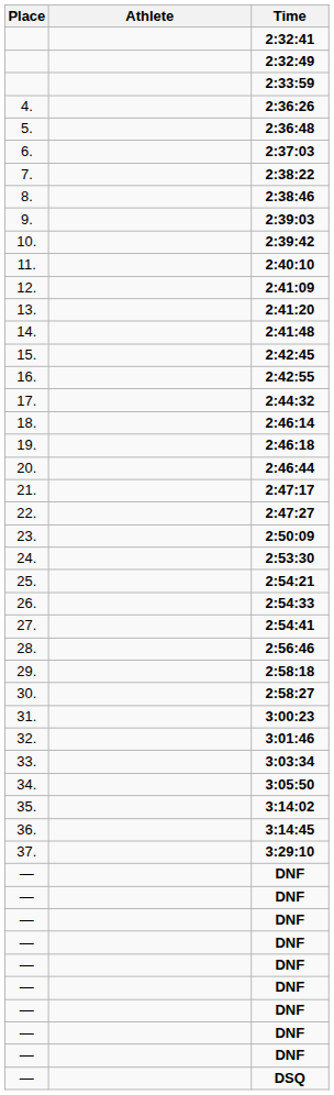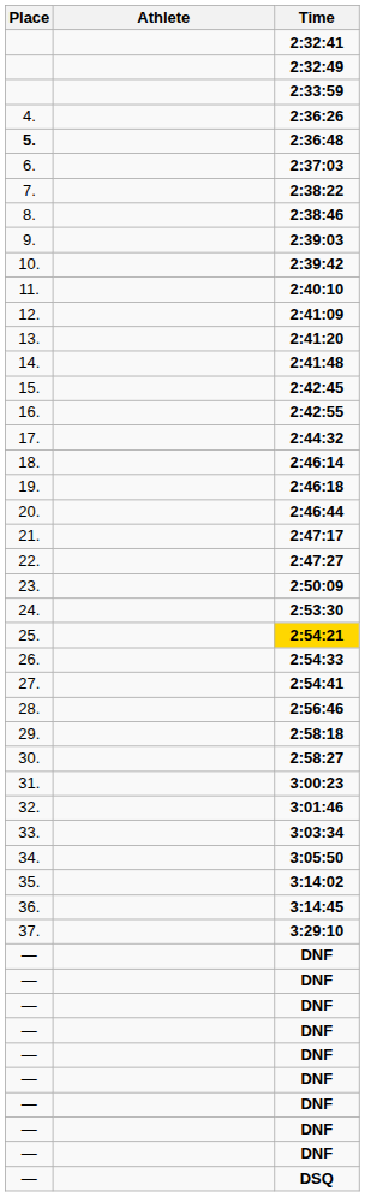 <table class=wikitable style="text-align:left">
 <tr>
 <th width=20>Place</th>
 <th width=220>Athlete</th>
 <th width=80>Time</th>
 </tr>
 <tr>
 <td align="center"></td>
 <td></td>
 <td align="center"><strong>2:32:41</strong></td>
 </tr>
 <tr>
 <td align="center"></td>
 <td></td>
 <td align="center"><strong>2:32:49</strong></td>
 </tr>
 <tr>
 <td align="center"></td>
 <td></td>
 <td align="center"><strong>2:33:59</strong></td>
 </tr>
 <tr>
 <td align="center">4.</td>
 <td></td>
 <td align="center"><strong>2:36:26</strong></td>
 </tr>
 <tr>
-<td align="center">5.</td>
+<td align="center"><strong>5.</strong></td>
 <td></td>
 <td align="center"><strong>2:36:48</strong></td>
 </tr>
 <tr>
 <td align="center">6.</td>
 <td></td>
 <td align="center"><strong>2:37:03</strong></td>
 </tr>
 <tr>
 <td align="center">7.</td>
 <td></td>
 <td align="center"><strong>2:38:22</strong></td>
 </tr>
 <tr>
 <td align="center">8.</td>
 <td></td>
 <td align="center"><strong>2:38:46</strong></td>
 </tr>
 <tr>
 <td align="center">9.</td>
 <td></td>
 <td align="center"><strong>2:39:03</strong></td>
 </tr>
 <tr>
 <td align="center">10.</td>
 <td></td>
 <td align="center"><strong>2:39:42</strong></td>
 </tr>
 <tr>
 <td align="center">11.</td>
 <td></td>
 <td align="center"><strong>2:40:10</strong></td>
 </tr>
 <tr>
 <td align="center">12.</td>
 <td></td>
 <td align="center"><strong>2:41:09</strong></td>
 </tr>
 <tr>
 <td align="center">13.</td>
 <td></td>
 <td align="center"><strong>2:41:20</strong></td>
 </tr>
 <tr>
 <td align="center">14.</td>
 <td></td>
 <td align="center"><strong>2:41:48</strong></td>
 </tr>
 <tr>
 <td align="center">15.</td>
 <td></td>
 <td align="center"><strong>2:42:45</strong></td>
 </tr>
 <tr>
 <td align="center">16.</td>
 <td></td>
 <td align="center"><strong>2:42:55</strong></td>
 </tr>
 <tr>
 <td align="center">17.</td>
 <td></td>
 <td align="center"><strong>2:44:32</strong></td>
 </tr>
 <tr>
 <td align="center">18.</td>
 <td></td>
 <td align="center"><strong>2:46:14</strong></td>
 </tr>
 <tr>
 <td align="center">19.</td>
 <td></td>
 <td align="center"><strong>2:46:18</strong></td>
 </tr>
 <tr>
 <td align="center">20.</td>
 <td></td>
 <td align="center"><strong>2:46:44</strong></td>
 </tr>
 <tr>
 <td align="center">21.</td>
 <td></td>
 <td align="center"><strong>2:47:17</strong></td>
 </tr>
 <tr>
 <td align="center">22.</td>
 <td></td>
 <td align="center"><strong>2:47:27</strong></td>
 </tr>
 <tr>
 <td align="center">23.</td>
 <td></td>
 <td align="center"><strong>2:50:09</strong></td>
 </tr>
 <tr>
 <td align="center">24.</td>
 <td></td>
 <td align="center"><strong>2:53:30</strong></td>
 </tr>
 <tr>
 <td align="center">25.</td>
 <td></td>
-<td align="center"><strong>2:54:21</strong></td>
+<td align="center" style="background: gold;"><strong>2:54:21</strong></td>
 </tr>
 <tr>
 <td align="center">26.</td>
 <td></td>
 <td align="center"><strong>2:54:33</strong></td>
 </tr>
 <tr>
 <td align="center">27.</td>
 <td></td>
 <td align="center"><strong>2:54:41</strong></td>
 </tr>
 <tr>
 <td align="center">28.</td>
 <td></td>
 <td align="center"><strong>2:56:46</strong></td>
 </tr>
 <tr>
 <td align="center">29.</td>
 <td></td>
 <td align="center"><strong>2:58:18</strong></td>
 </tr>
 <tr>
 <td align="center">30.</td>
 <td></td>
 <td align="center"><strong>2:58:27</strong></td>
 </tr>
 <tr>
 <td align="center">31.</td>
 <td></td>
 <td align="center"><strong>3:00:23</strong></td>
 </tr>
 <tr>
 <td align="center">32.</td>
 <td></td>
 <td align="center"><strong>3:01:46</strong></td>
 </tr>
 <tr>
 <td align="center">33.</td>
 <td></td>
 <td align="center"><strong>3:03:34</strong></td>
 </tr>
 <tr>
 <td align="center">34.</td>
 <td></td>
 <td align="center"><strong>3:05:50</strong></td>
 </tr>
 <tr>
 <td align="center">35.</td>
 <td></td>
 <td align="center"><strong>3:14:02</strong></td>
 </tr>
 <tr>
 <td align="center">36.</td>
 <td></td>
 <td align="center"><strong>3:14:45</strong></td>
 </tr>
 <tr>
 <td align="center">37.</td>
 <td></td>
 <td align="center"><strong>3:29:10</strong></td>
 </tr>
 <tr>
 <td align="center">—</td>
 <td></td>
 <td align="center"><strong>DNF</strong></td>
 </tr>
 <tr>
 <td align="center">—</td>
 <td></td>
 <td align="center"><strong>DNF</strong></td>
 </tr>
 <tr>
 <td align="center">—</td>
 <td></td>
 <td align="center"><strong>DNF</strong></td>
 </tr>
 <tr>
 <td align="center">—</td>
 <td></td>
 <td align="center"><strong>DNF</strong></td>
 </tr>
 <tr>
 <td align="center">—</td>
 <td></td>
 <td align="center"><strong>DNF</strong></td>
 </tr>
 <tr>
 <td align="center">—</td>
 <td></td>
 <td align="center"><strong>DNF</strong></td>
 </tr>
 <tr>
 <td align="center">—</td>
 <td></td>
 <td align="center"><strong>DNF</strong></td>
 </tr>
 <tr>
 <td align="center">—</td>
 <td></td>
 <td align="center"><strong>DNF</strong></td>
 </tr>
 <tr>
 <td align="center">—</td>
 <td></td>
 <td align="center"><strong>DNF</strong></td>
 </tr>
 <tr>
 <td align="center">—</td>
 <td></td>
 <td align="center"><strong>DSQ</strong></td>
 </tr>
 </table>
